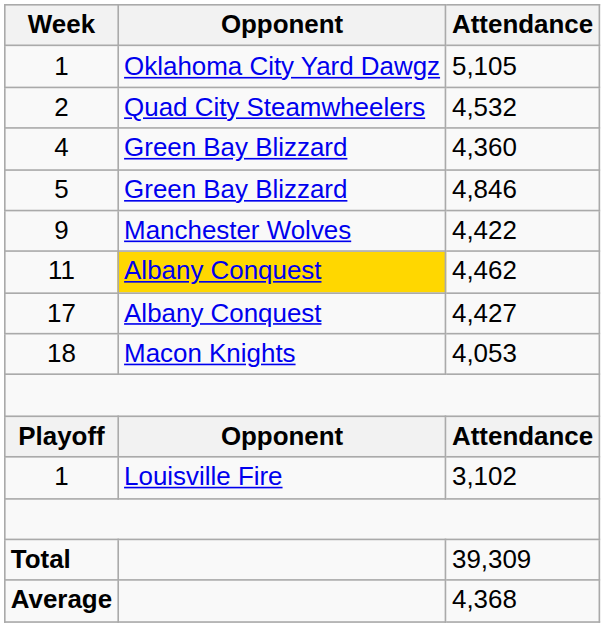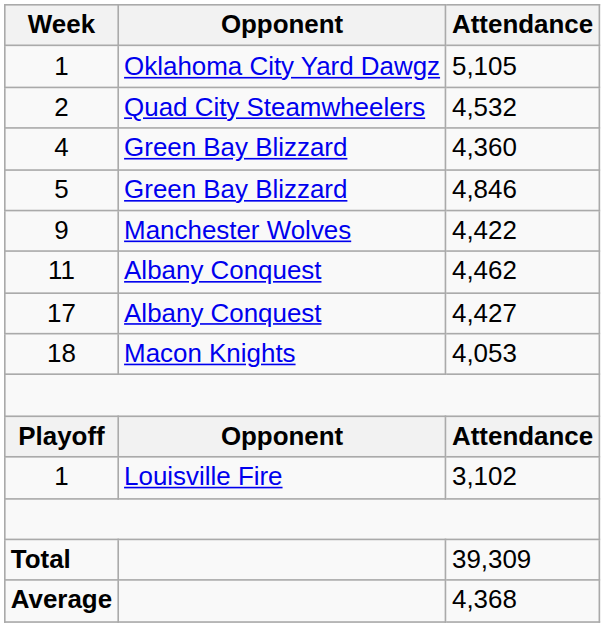 <table class="wikitable" align="center">
 <tr>
 <th>Week</th>
 <th>Opponent</th>
 <th>Attendance</th>
 </tr>
 <tr>
 <td align="center">1</td>
 <td><a href='#'>Oklahoma City Yard Dawgz</a></td>
 <td>5,105</td>
 </tr>
 <tr>
 <td align="center">2</td>
 <td><a href='#'>Quad City Steamwheelers</a></td>
 <td>4,532</td>
 </tr>
 <tr>
 <td align="center">4</td>
 <td><a href='#'>Green Bay Blizzard</a></td>
 <td>4,360</td>
 </tr>
 <tr>
 <td align="center">5</td>
 <td><a href='#'>Green Bay Blizzard</a></td>
 <td>4,846</td>
 </tr>
 <tr>
 <td align="center">9</td>
 <td><a href='#'>Manchester Wolves</a></td>
 <td>4,422</td>
 </tr>
 <tr>
 <td align="center">11</td>
-<td style="background: gold;"><a href='#'>Albany Conquest</a></td>
+<td><a href='#'>Albany Conquest</a></td>
 <td>4,462</td>
 </tr>
 <tr>
 <td align="center">17</td>
 <td><a href='#'>Albany Conquest</a></td>
 <td>4,427</td>
 </tr>
 <tr>
 <td align="center">18</td>
 <td><a href='#'>Macon Knights</a></td>
 <td>4,053</td>
 </tr>
 <tr>
 <td colspan="3"> </td>
 </tr>
 <tr>
 <th>Playoff</th>
 <th>Opponent</th>
 <th>Attendance</th>
 </tr>
 <tr>
 <td align="center">1</td>
 <td><a href='#'>Louisville Fire</a></td>
 <td>3,102</td>
 </tr>
 <tr>
 <td colspan="3"> </td>
 </tr>
 <tr>
 <td><strong>Total</strong></td>
 <td></td>
 <td>39,309</td>
 </tr>
 <tr>
 <td><strong>Average</strong></td>
 <td></td>
 <td>4,368</td>
 </tr>
 </table>
